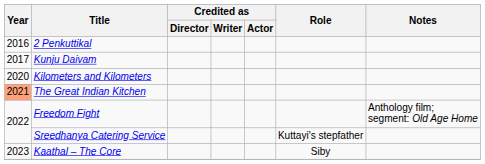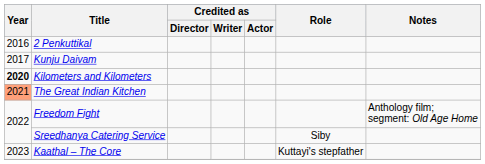 <table class="wikitable">
 <tr style="background:#B0C4DE; text-align:center;">
 <th rowspan="2" scope="col">Year</th>
 <th rowspan="2" scope="col">Title</th>
 <th scope="col"  colspan="3">Credited as</th>
 <th rowspan="2" scope="col">Role</th>
 <th rowspan="2" class="unsortable" scope="col">Notes</th>
 </tr>
 <tr>
 <th>Director</th>
 <th>Writer</th>
 <th>Actor</th>
 </tr>
 <tr>
 <td>2016</td>
 <td><em><a href='#'>2 Penkuttikal</a></em></td>
 <td></td>
 <td></td>
 <td></td>
 <td></td>
 </tr>
 <tr>
 <td>2017</td>
 <td><em><a href='#'>Kunju Daivam</a></em></td>
 <td></td>
 <td></td>
 <td></td>
 <td></td>
 <td></td>
 </tr>
 <tr>
-<td>2020</td>
+<td><strong>2020</strong></td>
 <td><em><a href='#'>Kilometers and Kilometers</a></em></td>
 <td></td>
 <td></td>
 <td></td>
 <td></td>
 <td></td>
 </tr>
 <tr>
 <td style="background: lightsalmon;">2021</td>
 <td><em><a href='#'>The Great Indian Kitchen</a></em></td>
 <td></td>
 <td></td>
 <td></td>
 <td></td>
 <td></td>
 </tr>
 <tr>
 <td rowspan=2>2022</td>
 <td><em> <a href='#'>Freedom Fight</a></em></td>
 <td></td>
 <td></td>
 <td></td>
 <td></td>
 <td>Anthology film; <br> segment: <em>Old Age Home</em></td>
 </tr>
 <tr>
 <td><em><a href='#'>Sreedhanya Catering Service</a></em></td>
 <td></td>
 <td></td>
 <td></td>
-<td>Kuttayi's stepfather</td>
+<td style="text-align:center;">Siby</td>
 <td></td>
 </tr>
 <tr>
 <td>2023</td>
 <td><em><a href='#'>Kaathal – The Core</a></em></td>
 <td></td>
 <td></td>
 <td></td>
-<td style="text-align:center;">Siby</td>
+<td>Kuttayi's stepfather</td>
 <td></td>
 </tr>
 <tr>
 </tr>
 </table>
